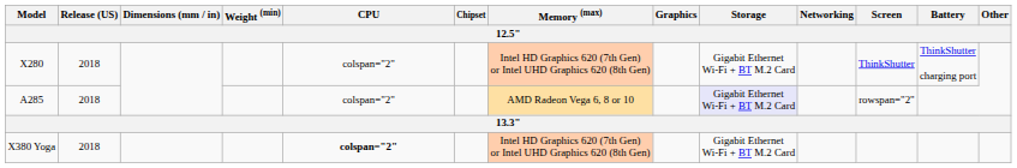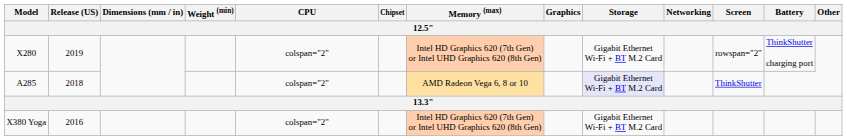 <table class="wikitable" style="font-size: 80%; text-align: center; min-width: 80%;">
 <tr>
 <th>Model</th>
 <th>Release (US)</th>
 <th>Dimensions (mm / in)</th>
 <th>Weight <sup>(min)</sup></th>
 <th style="width:17%">CPU</th>
 <th><small>Chipset</small></th>
 <th>Memory <sup>(max)</sup></th>
 <th>Graphics</th>
 <th>Storage</th>
 <th>Networking</th>
 <th>Screen</th>
 <th>Battery</th>
 <th>Other</th>
 </tr>
 <tr>
 <th colspan=13>12.5"</th>
 </tr>
 <tr>
 <td>X280 </td>
-<td>2018</td>
+<td>2019</td>
 <td rowspan="2"></td>
 <td></td>
 <td>colspan="2" </td>
 <td></td>
 <td style="background:#ffcead;">Intel HD Graphics 620 (7th Gen)<br>or Intel UHD Graphics 620 (8th Gen)</td>
 <td></td>
 <td> Gigabit Ethernet<br>Wi-Fi + <a href='#'>BT</a> M.2 Card<br><small></small></td>
 <td></td>
-<td><a href='#'>ThinkShutter</a><br></td>
+<td>rowspan="2" </td>
 <td><a href='#'>ThinkShutter</a><br><br> charging port</td>
 </tr>
 <tr>
 <td>A285 </td>
 <td>2018</td>
 <td></td>
 <td>colspan="2" </td>
 <td></td>
 <td style="background:#fee0a3;">AMD Radeon Vega 6, 8 or 10</td>
 <td></td>
 <td style="background: lavender;"> Gigabit Ethernet<br>Wi-Fi + <a href='#'>BT</a> M.2 Card<br><small></small></td>
 <td></td>
-<td>rowspan="2" </td>
+<td><a href='#'>ThinkShutter</a><br></td>
 </tr>
 <tr>
 <th colspan=13>13.3"</th>
 </tr>
 <tr>
 <td>X380 Yoga </td>
-<td>2018</td>
+<td>2016</td>
 <td></td>
 <td></td>
-<td><strong>colspan="2" </strong></td>
+<td>colspan="2" </td>
 <td></td>
 <td style="background:#ffcead;">Intel HD Graphics 620 (7th Gen)<br>or Intel UHD Graphics 620 (8th Gen)</td>
 <td></td>
 <td> Gigabit Ethernet<br>Wi-Fi + <a href='#'>BT</a> M.2 Card<br><small></small></td>
 <td></td>
 <td></td>
 <td></td>
 </tr>
 </table>
